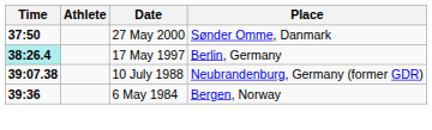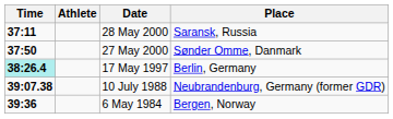 <table class="wikitable sortable" style="font-size:95%">
 <tr>
 <th>Time</th>
 <th>Athlete</th>
 <th>Date</th>
 <th>Place</th>
+</tr>
+<tr>
+<td align=left><strong>37:11</strong></td>
+<td></td>
+<td>28 May 2000</td>
+<td><a href='#'>Saransk</a>, Russia</td>
 </tr>
 <tr>
 <td align=left><strong>37:50</strong></td>
 <td></td>
 <td>27 May 2000</td>
 <td><a href='#'>Sønder Omme</a>, Danmark</td>
 </tr>
 <tr>
 <td align=left style="background: paleturquoise;"><strong>38:26.4</strong></td>
 <td></td>
 <td>17 May 1997</td>
 <td><a href='#'>Berlin</a>, Germany</td>
 </tr>
 <tr>
 <td align=left><strong>39:07.38</strong></td>
 <td></td>
 <td>10 July 1988</td>
 <td><a href='#'>Neubrandenburg</a>, Germany (former <a href='#'>GDR</a>)</td>
 </tr>
 <tr>
 <td align=left><strong>39:36</strong></td>
 <td></td>
 <td>6 May 1984</td>
 <td><a href='#'>Bergen</a>, Norway</td>
 </tr>
 </table>
